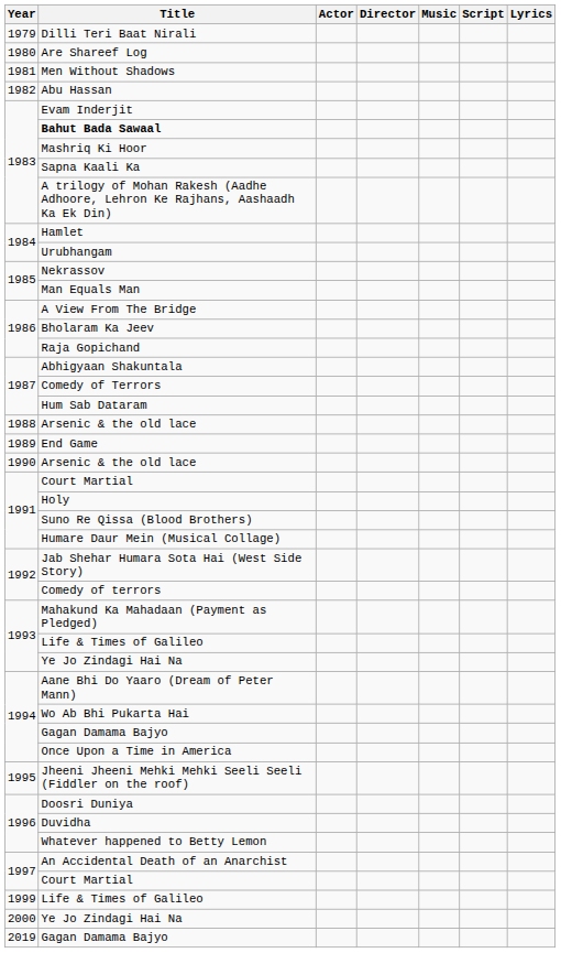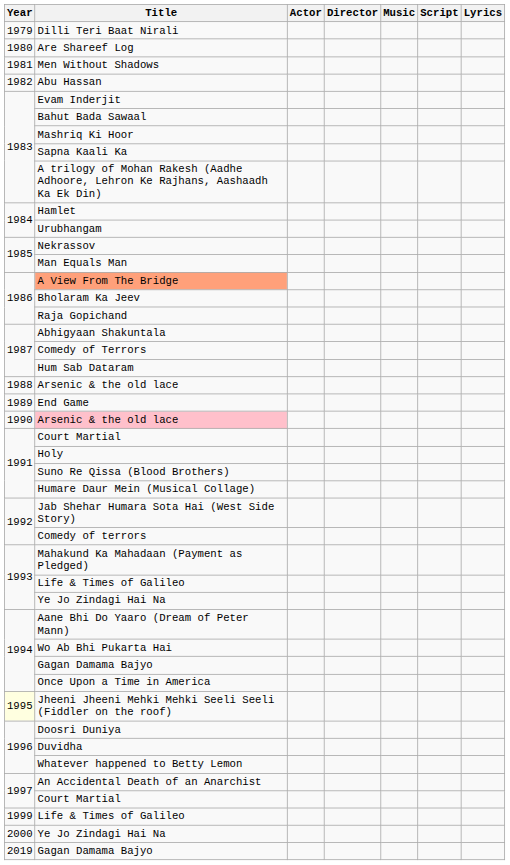 <table class="wikitable sortable">
 <tr>
 <th>Year</th>
 <th>Title</th>
 <th>Actor</th>
 <th>Director</th>
 <th>Music</th>
 <th>Script</th>
 <th>Lyrics</th>
 </tr>
 <tr>
 <td>1979</td>
 <td Dilli Teri Baat Nirali>Dilli Teri Baat Nirali</td>
 <td></td>
 <td></td>
 <td></td>
 <td></td>
 <td></td>
 </tr>
 <tr>
 <td>1980</td>
 <td>Are Shareef Log</td>
 <td></td>
 <td></td>
 <td></td>
 <td></td>
 <td></td>
 </tr>
 <tr>
 <td>1981</td>
 <td>Men Without Shadows</td>
 <td></td>
 <td></td>
 <td></td>
 <td></td>
 <td></td>
 </tr>
 <tr>
 <td>1982</td>
 <td>Abu Hassan</td>
 <td></td>
 <td></td>
 <td></td>
 <td></td>
 <td></td>
 </tr>
 <tr>
 <td rowspan="5">1983</td>
 <td>Evam Inderjit</td>
 <td></td>
 <td></td>
 <td></td>
 <td></td>
 <td></td>
 </tr>
 <tr>
-<td><strong>Bahut Bada Sawaal</strong></td>
+<td>Bahut Bada Sawaal</td>
 <td></td>
 <td></td>
 <td></td>
 <td></td>
 <td></td>
 </tr>
 <tr>
 <td>Mashriq Ki Hoor</td>
 <td></td>
 <td></td>
 <td></td>
 <td></td>
 <td></td>
 </tr>
 <tr>
 <td>Sapna Kaali Ka</td>
 <td></td>
 <td></td>
 <td></td>
 <td></td>
 <td></td>
 </tr>
 <tr>
 <td>A trilogy of Mohan Rakesh (Aadhe Adhoore, Lehron Ke Rajhans, Aashaadh Ka Ek Din)</td>
 <td></td>
 <td></td>
 <td></td>
 <td></td>
 <td></td>
 </tr>
 <tr>
 <td rowspan="2">1984</td>
 <td>Hamlet</td>
 <td></td>
 <td></td>
 <td></td>
 <td></td>
 <td></td>
 </tr>
 <tr>
 <td>Urubhangam</td>
 <td></td>
 <td></td>
 <td></td>
 <td></td>
 <td></td>
 </tr>
 <tr>
 <td rowspan="2">1985</td>
 <td>Nekrassov</td>
 <td></td>
 <td></td>
 <td></td>
 <td></td>
 <td></td>
 </tr>
 <tr>
 <td>Man Equals Man</td>
 <td></td>
 <td></td>
 <td></td>
 <td></td>
 <td></td>
 </tr>
 <tr>
 <td rowspan="3">1986</td>
-<td>A View From The Bridge</td>
+<td style="background: lightsalmon;">A View From The Bridge</td>
 <td></td>
 <td></td>
 <td></td>
 <td></td>
 <td></td>
 </tr>
 <tr>
 <td>Bholaram Ka Jeev</td>
 <td></td>
 <td></td>
 <td></td>
 <td></td>
 <td></td>
 </tr>
 <tr>
 <td>Raja Gopichand</td>
 <td></td>
 <td></td>
 <td></td>
 <td></td>
 <td></td>
 </tr>
 <tr>
 <td rowspan="3">1987</td>
 <td>Abhigyaan Shakuntala</td>
 <td></td>
 <td></td>
 <td></td>
 <td></td>
 <td></td>
 </tr>
 <tr>
 <td>Comedy of Terrors</td>
 <td></td>
 <td></td>
 <td></td>
 <td></td>
 <td></td>
 </tr>
 <tr>
 <td>Hum Sab Dataram</td>
 <td></td>
 <td></td>
 <td></td>
 <td></td>
 <td></td>
 </tr>
 <tr>
 <td>1988</td>
 <td>Arsenic & the old lace</td>
 <td></td>
 <td></td>
 <td></td>
 <td></td>
 <td></td>
 </tr>
 <tr>
 <td>1989</td>
 <td>End Game</td>
 <td></td>
 <td></td>
 <td></td>
 <td></td>
 <td></td>
 </tr>
 <tr>
 <td>1990</td>
-<td>Arsenic & the old lace</td>
+<td style="background: pink;">Arsenic & the old lace</td>
 <td></td>
 <td></td>
 <td></td>
 <td></td>
 <td></td>
 </tr>
 <tr>
 <td rowspan="4">1991</td>
 <td>Court Martial</td>
 <td></td>
 <td></td>
 <td></td>
 <td></td>
 <td></td>
 </tr>
 <tr>
 <td>Holy</td>
 <td></td>
 <td></td>
 <td></td>
 <td></td>
 <td></td>
 </tr>
 <tr>
 <td>Suno Re Qissa (Blood Brothers)</td>
 <td></td>
 <td></td>
 <td></td>
 <td></td>
 <td></td>
 </tr>
 <tr>
 <td>Humare Daur Mein (Musical Collage)</td>
 <td></td>
 <td></td>
 <td></td>
 <td></td>
 <td></td>
 </tr>
 <tr>
 <td rowspan="2">1992</td>
 <td>Jab Shehar Humara Sota Hai (West Side Story)</td>
 <td></td>
 <td></td>
 <td></td>
 <td></td>
 <td></td>
 </tr>
 <tr>
 <td>Comedy of terrors</td>
 <td></td>
 <td></td>
 <td></td>
 <td></td>
 <td></td>
 </tr>
 <tr>
 <td rowspan="3">1993</td>
 <td>Mahakund Ka Mahadaan (Payment as Pledged)</td>
 <td></td>
 <td></td>
 <td></td>
 <td></td>
 <td></td>
 </tr>
 <tr>
 <td>Life & Times of Galileo</td>
 <td></td>
 <td></td>
 <td></td>
 <td></td>
 <td></td>
 </tr>
 <tr>
 <td>Ye Jo Zindagi Hai Na</td>
 <td></td>
 <td></td>
 <td></td>
 <td></td>
 <td></td>
 </tr>
 <tr>
 <td rowspan="4">1994</td>
 <td>Aane Bhi Do Yaaro (Dream of Peter Mann)</td>
 <td></td>
 <td></td>
 <td></td>
 <td></td>
 <td></td>
 </tr>
 <tr>
 <td>Wo Ab Bhi Pukarta Hai</td>
 <td></td>
 <td></td>
 <td></td>
 <td></td>
 <td></td>
 </tr>
 <tr>
 <td>Gagan Damama Bajyo</td>
 <td></td>
 <td></td>
 <td></td>
 <td></td>
 <td></td>
 </tr>
 <tr>
 <td>Once Upon a Time in America</td>
 <td></td>
 <td></td>
 <td></td>
 <td></td>
 <td></td>
 </tr>
 <tr>
-<td>1995</td>
+<td style="background: lightyellow;">1995</td>
 <td>Jheeni Jheeni Mehki Mehki Seeli Seeli (Fiddler on the roof)</td>
 <td></td>
 <td></td>
 <td></td>
 <td></td>
 <td></td>
 </tr>
 <tr>
 <td rowspan="3">1996</td>
 <td>Doosri Duniya</td>
 <td></td>
 <td></td>
 <td></td>
 <td></td>
 <td></td>
 </tr>
 <tr>
 <td>Duvidha</td>
 <td></td>
 <td></td>
 <td></td>
 <td></td>
 <td></td>
 </tr>
 <tr>
 <td>Whatever happened to Betty Lemon</td>
 <td></td>
 <td></td>
 <td></td>
 <td></td>
 <td></td>
 </tr>
 <tr>
 <td rowspan="2">1997</td>
 <td>An Accidental Death of an Anarchist</td>
 <td></td>
 <td></td>
 <td></td>
 <td></td>
 <td></td>
 </tr>
 <tr>
 <td>Court Martial</td>
 <td></td>
 <td></td>
 <td></td>
 <td></td>
 <td></td>
 </tr>
 <tr>
 <td>1999</td>
 <td>Life & Times of Galileo</td>
 <td></td>
 <td></td>
 <td></td>
 <td></td>
 <td></td>
 </tr>
 <tr>
 <td>2000</td>
 <td>Ye Jo Zindagi Hai Na</td>
 <td></td>
 <td></td>
 <td></td>
 <td></td>
 <td></td>
 </tr>
 <tr>
 <td>2019</td>
 <td>Gagan Damama Bajyo</td>
 <td></td>
 <td></td>
 <td></td>
 <td></td>
 <td></td>
 </tr>
 </table>
